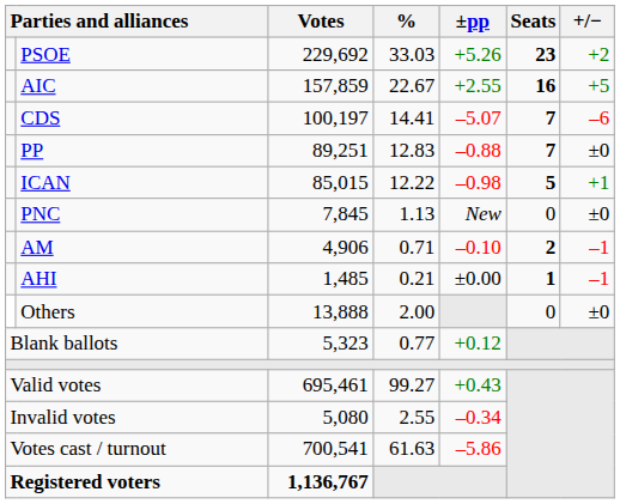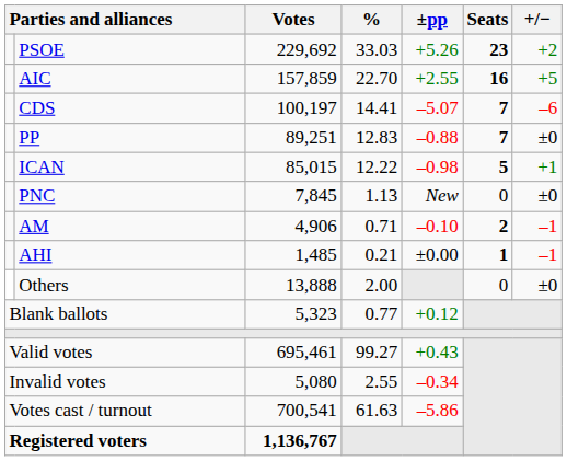 <table class="wikitable" style="text-align:right;">
 <tr>
 <th style="text-align:left;" colspan="2" width="200">Parties and alliances</th>
 <th width="75">Votes</th>
 <th width="45">%</th>
 <th width="45">±<a href='#'>pp</a></th>
 <th width="35">Seats</th>
 <th width="35">+/−</th>
 </tr>
 <tr>
 <td width="1" style="color:inherit;background:"></td>
 <td align="left"><a href='#'>PSOE</a></td>
 <td>229,692</td>
 <td>33.03</td>
 <td style="color:green;">+5.26</td>
 <td><strong>23</strong></td>
 <td style="color:green;">+2</td>
 </tr>
 <tr>
 <td style="color:inherit;background:"></td>
 <td align="left"><a href='#'>AIC</a></td>
 <td>157,859</td>
-<td>22.67</td>
+<td>22.70</td>
 <td style="color:green;">+2.55</td>
 <td><strong>16</strong></td>
 <td style="color:green;">+5</td>
 </tr>
 <tr>
 <td style="color:inherit;background:"></td>
 <td align="left"><a href='#'>CDS</a></td>
 <td>100,197</td>
 <td>14.41</td>
 <td style="color:red;">–5.07</td>
 <td><strong>7</strong></td>
 <td style="color:red;">–6</td>
 </tr>
 <tr>
 <td style="color:inherit;background:"></td>
 <td align="left"><a href='#'>PP</a></td>
 <td>89,251</td>
 <td>12.83</td>
 <td style="color:red;">–0.88</td>
 <td><strong>7</strong></td>
 <td>±0</td>
 </tr>
 <tr>
 <td style="color:inherit;background:"></td>
 <td align="left"><a href='#'>ICAN</a></td>
 <td>85,015</td>
 <td>12.22</td>
 <td style="color:red;">–0.98</td>
 <td><strong>5</strong></td>
 <td style="color:green;">+1</td>
 </tr>
 <tr>
 <td style="color:inherit;background:"></td>
 <td align="left"><a href='#'>PNC</a></td>
 <td>7,845</td>
 <td>1.13</td>
 <td><em>New</em></td>
 <td>0</td>
 <td>±0</td>
 </tr>
 <tr>
 <td width="1" style="color:inherit;background:"></td>
 <td align="left"><a href='#'>AM</a></td>
 <td>4,906</td>
 <td>0.71</td>
 <td style="color:red;">–0.10</td>
 <td><strong>2</strong></td>
 <td style="color:red;">–1</td>
 </tr>
 <tr>
 <td style="color:inherit;background:"></td>
 <td align="left"><a href='#'>AHI</a></td>
 <td>1,485</td>
 <td>0.21</td>
 <td>±0.00</td>
 <td><strong>1</strong></td>
 <td style="color:red;">–1</td>
 </tr>
 <tr>
 <td bgcolor="white"></td>
 <td align="left">Others</td>
 <td>13,888</td>
 <td>2.00</td>
 <td bgcolor="#E9E9E9"></td>
 <td>0</td>
 <td>±0</td>
 </tr>
 <tr>
 <td align="left" colspan="2">Blank ballots</td>
 <td>5,323</td>
 <td>0.77</td>
 <td style="color:green;">+0.12</td>
 <td bgcolor="#E9E9E9" colspan="2"></td>
 </tr>
 <tr>
 <td colspan="7" bgcolor="#E9E9E9"></td>
 </tr>
 <tr>
 <td align="left" colspan="2">Valid votes</td>
 <td>695,461</td>
 <td>99.27</td>
 <td style="color:green;">+0.43</td>
 <td bgcolor="#E9E9E9" colspan="2" rowspan="4"></td>
 </tr>
 <tr>
 <td align="left" colspan="2">Invalid votes</td>
 <td>5,080</td>
 <td>2.55</td>
 <td style="color:red;">–0.34</td>
 </tr>
 <tr>
 <td align="left" colspan="2">Votes cast / turnout</td>
 <td>700,541</td>
 <td>61.63</td>
 <td style="color:red;">–5.86</td>
 </tr>
 <tr style="font-weight:bold;">
 <td align="left" colspan="2">Registered voters</td>
 <td>1,136,767</td>
 <td bgcolor="#E9E9E9" colspan="2"></td>
 </tr>
 </table>
